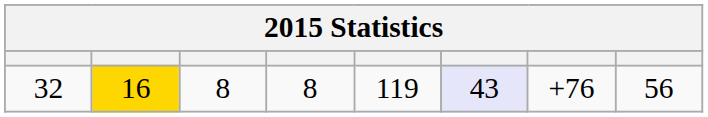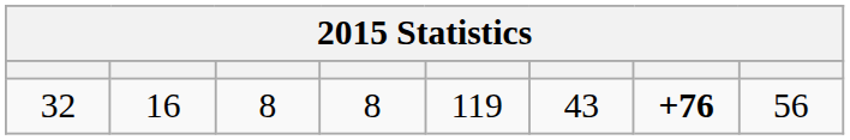 <table class="wikitable" style="text-align: center;">
 <tr>
 <th colspan=10><strong>2015 Statistics</strong></th>
 </tr>
 <tr>
 <th style="width: 40px;"></th>
 <th style="width: 40px;"></th>
 <th style="width: 40px;"></th>
 <th style="width: 40px;"></th>
 <th style="width: 40px;"></th>
 <th style="width: 40px;"></th>
 <th style="width: 40px;"></th>
 <th style="width: 40px;"></th>
 </tr>
 <tr>
 <td>32</td>
-<td style="background: gold;">16</td>
+<td>16</td>
 <td>8</td>
 <td>8</td>
 <td>119</td>
-<td style="background: lavender;">43</td>
-<td>+76</td>
+<td>43</td>
+<td><strong>+76</strong></td>
 <td>56</td>
 </tr>
 </table>
